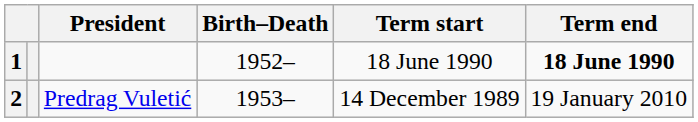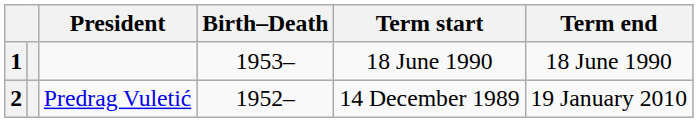 <table class="wikitable" style="text-align:center">
 <tr>
 <th colspan="2"></th>
 <th>President</th>
 <th>Birth–Death</th>
 <th>Term start</th>
 <th>Term end</th>
 </tr>
 <tr>
 <th>1</th>
 <th style="background:"></th>
 <td></td>
-<td>1952–</td>
+<td>1953–</td>
 <td>18 June 1990</td>
-<td><strong>18 June 1990</strong></td>
+<td>18 June 1990</td>
 </tr>
 <tr>
 <th>2</th>
 <th style="background:"></th>
 <td><a href='#'>Predrag Vuletić</a></td>
-<td>1953–</td>
+<td>1952–</td>
 <td>14 December 1989</td>
 <td>19 January 2010</td>
 </tr>
 </table>
